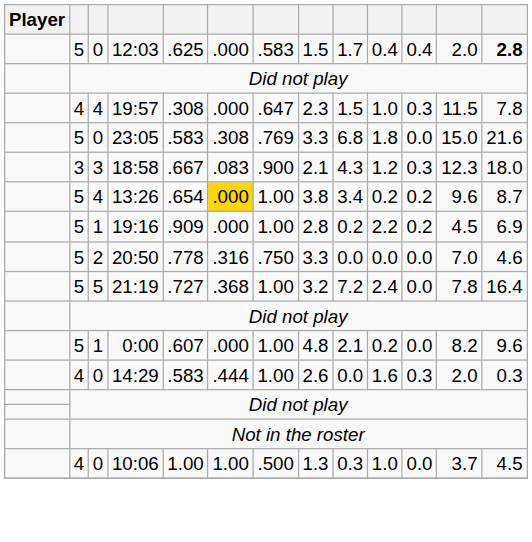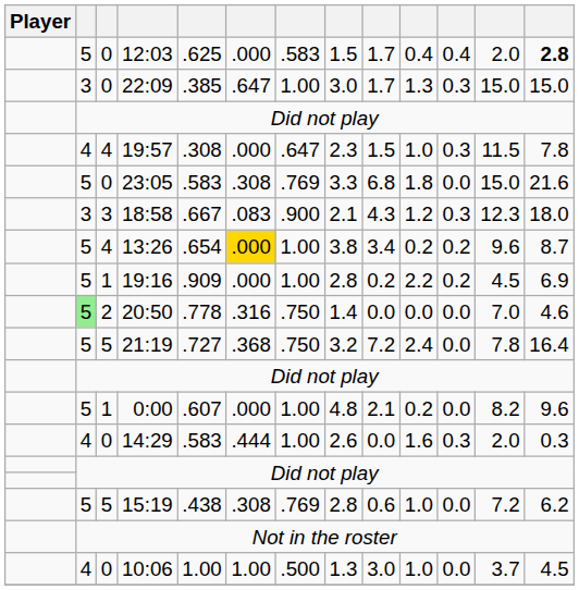 <table class="wikitable sortable" style="font-size:95%; text-align:right;">
 <tr>
 <th>Player</th>
 <th></th>
 <th></th>
 <th></th>
 <th></th>
 <th></th>
 <th></th>
 <th></th>
 <th></th>
 <th></th>
 <th></th>
 <th></th>
 <th></th>
 </tr>
 <tr>
 <td><strong></strong></td>
 <td>5</td>
 <td>0</td>
 <td>12:03</td>
 <td>.625</td>
 <td>.000</td>
 <td>.583</td>
 <td>1.5</td>
 <td>1.7</td>
 <td>0.4</td>
 <td>0.4</td>
 <td>2.0</td>
 <td><strong>2.8</strong></td>
+</tr>
+<tr>
+<td><strong></strong></td>
+<td>3</td>
+<td>0</td>
+<td>22:09</td>
+<td>.385</td>
+<td>.647</td>
+<td>1.00</td>
+<td>3.0</td>
+<td>1.7</td>
+<td>1.3</td>
+<td>0.3</td>
+<td>15.0</td>
+<td>15.0</td>
 </tr>
 <tr>
 <td><strong></strong></td>
 <td colspan=12 data-sort-value="-50" style="text-align:center"><em>Did not play</em></td>
 </tr>
 <tr>
 <td><strong></strong></td>
 <td>4</td>
 <td>4</td>
 <td>19:57</td>
 <td>.308</td>
 <td>.000</td>
 <td>.647</td>
 <td>2.3</td>
 <td>1.5</td>
 <td>1.0</td>
 <td>0.3</td>
 <td>11.5</td>
 <td>7.8</td>
 </tr>
 <tr>
 <td><strong></strong></td>
 <td>5</td>
 <td>0</td>
 <td>23:05</td>
 <td>.583</td>
 <td>.308</td>
 <td>.769</td>
 <td>3.3</td>
 <td>6.8</td>
 <td>1.8</td>
 <td>0.0</td>
 <td>15.0</td>
 <td>21.6</td>
 </tr>
 <tr>
 <td><strong></strong></td>
 <td>3</td>
 <td>3</td>
 <td>18:58</td>
 <td>.667</td>
 <td>.083</td>
 <td>.900</td>
 <td>2.1</td>
 <td>4.3</td>
 <td>1.2</td>
 <td>0.3</td>
 <td>12.3</td>
 <td>18.0</td>
 </tr>
 <tr>
 <td><strong></strong></td>
 <td>5</td>
 <td>4</td>
 <td>13:26</td>
 <td>.654</td>
 <td style="background: gold;">.000</td>
 <td>1.00</td>
 <td>3.8</td>
 <td>3.4</td>
 <td>0.2</td>
 <td>0.2</td>
 <td>9.6</td>
 <td>8.7</td>
 </tr>
 <tr>
 <td><strong></strong></td>
 <td>5</td>
 <td>1</td>
 <td>19:16</td>
 <td>.909</td>
 <td>.000</td>
 <td>1.00</td>
 <td>2.8</td>
 <td>0.2</td>
 <td>2.2</td>
 <td>0.2</td>
 <td>4.5</td>
 <td>6.9</td>
 </tr>
 <tr>
 <td><strong></strong></td>
-<td>5</td>
+<td style="background: lightgreen;">5</td>
 <td>2</td>
 <td>20:50</td>
 <td>.778</td>
 <td>.316</td>
 <td>.750</td>
-<td>3.3</td>
+<td>1.4</td>
 <td>0.0</td>
 <td>0.0</td>
 <td>0.0</td>
 <td>7.0</td>
 <td>4.6</td>
 </tr>
 <tr>
 <td><strong></strong></td>
 <td>5</td>
 <td>5</td>
 <td>21:19</td>
 <td>.727</td>
 <td>.368</td>
-<td>1.00</td>
+<td>.750</td>
 <td>3.2</td>
 <td>7.2</td>
 <td>2.4</td>
 <td>0.0</td>
 <td>7.8</td>
 <td>16.4</td>
 </tr>
 <tr>
 <td><strong></strong></td>
 <td colspan=12 data-sort-value="-50" style="text-align:center"><em>Did not play</em></td>
 </tr>
 <tr>
 <td><strong></strong></td>
 <td>5</td>
 <td>1</td>
 <td>0:00</td>
 <td>.607</td>
 <td>.000</td>
 <td>1.00</td>
 <td>4.8</td>
 <td>2.1</td>
 <td>0.2</td>
 <td>0.0</td>
 <td>8.2</td>
 <td>9.6</td>
 </tr>
 <tr>
 <td><strong></strong></td>
 <td>4</td>
 <td>0</td>
 <td>14:29</td>
 <td>.583</td>
 <td>.444</td>
 <td>1.00</td>
 <td>2.6</td>
 <td>0.0</td>
 <td>1.6</td>
 <td>0.3</td>
 <td>2.0</td>
 <td>0.3</td>
 </tr>
 <tr>
 <td><strong></strong></td>
 <td rowspan=2 colspan=12 data-sort-value="-50" style="text-align:center"><em>Did not play</em></td>
 </tr>
 <tr>
 <td><strong></strong></td>
 </tr>
 <tr>
 <td><strong></strong></td>
+<td>5</td>
+<td>5</td>
+<td>15:19</td>
+<td>.438</td>
+<td>.308</td>
+<td>.769</td>
+<td>2.8</td>
+<td>0.6</td>
+<td>1.0</td>
+<td>0.0</td>
+<td>7.2</td>
+<td>6.2</td>
+</tr>
+<tr>
+<td><strong></strong></td>
 <td colspan=12 data-sort-value="-50" style="text-align:center"><em>Not in the roster</em></td>
 </tr>
 <tr>
 <td><strong></strong></td>
 <td>4</td>
 <td>0</td>
 <td>10:06</td>
 <td>1.00</td>
 <td>1.00</td>
 <td>.500</td>
 <td>1.3</td>
-<td>0.3</td>
+<td>3.0</td>
 <td>1.0</td>
 <td>0.0</td>
 <td>3.7</td>
 <td>4.5</td>
 </tr>
 <tr>
 </tr>
 </table>
